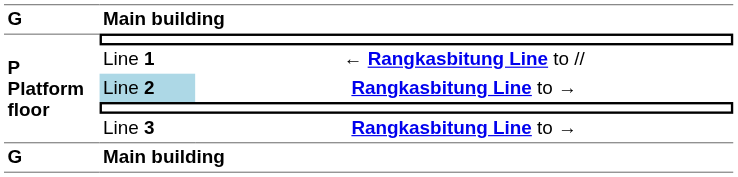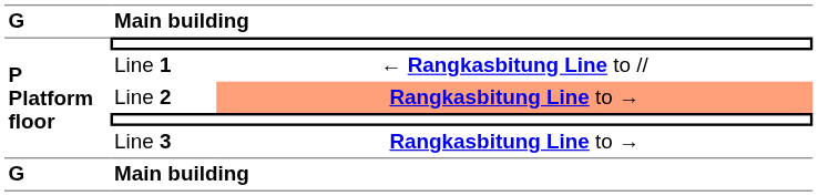 <table cellpadding="3" cellspacing="0">
 <tr>
 <td colspan="3"> </td>
 </tr>
 <tr>
 <td style="border-top:solid 1px gray;"><strong>G</strong></td>
 <td colspan="2" style="border-top:solid 1px gray;"><strong>Main building</strong></td>
 </tr>
 <tr>
 <td rowspan="5" width="75" style="border-top:solid 1px gray; border-bottom:solid 1px gray"><strong>P</strong><br><strong>Platform floor</strong></td>
 <td colspan="2" style="border-top:solid 2px black;border-right:solid 2px black;border-left:solid 2px black;border-bottom:solid 2px black;text-align:center;"></td>
 </tr>
 <tr>
 <td width="50">Line <strong>1</strong></td>
 <td width="450" style="text-align:center">←   <strong><a href='#'>Rangkasbitung Line</a></strong> to //</td>
 </tr>
 <tr>
-<td style="background: lightblue;">Line <strong>2</strong></td>
-<td style="text-align:center"> <strong><a href='#'>Rangkasbitung Line</a></strong> to   →</td>
+<td>Line <strong>2</strong></td>
+<td style="background: lightsalmon; text-align:center"> <strong><a href='#'>Rangkasbitung Line</a></strong> to   →</td>
 </tr>
 <tr>
 <td colspan="2" style="border-top:solid 2px black;border-right:solid 2px black;border-left:solid 2px black;border-bottom:solid 2px black;text-align:center;"></td>
 </tr>
 <tr>
 <td width="75" style="border-bottom:solid 1px gray">Line <strong>3</strong></td>
 <td style="text-align:center; border-bottom:solid 1px gray"> <strong><a href='#'>Rangkasbitung Line</a></strong> to   →</td>
 </tr>
 <tr>
 <td width="75" style="border-bottom:solid 1px gray"><strong>G</strong></td>
 <td colspan="2" style="border-bottom:solid 1px gray"><strong>Main building</strong></td>
 </tr>
 </table>
